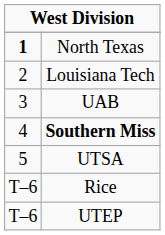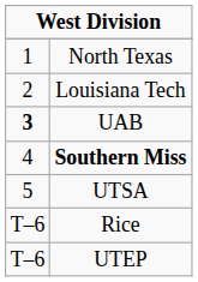 <table class="wikitable">
 <tr align="center">
 <td align="center" Colspan="2"><strong>West Division</strong></td>
 </tr>
 <tr align="center">
 </tr>
 <tr align="center">
-<td><strong>1</strong></td>
+<td>1</td>
 <td>North Texas</td>
 </tr>
 <tr align="center">
 <td>2</td>
 <td>Louisiana Tech</td>
 </tr>
 <tr align="center">
-<td>3</td>
+<td><strong>3</strong></td>
 <td>UAB</td>
 </tr>
 <tr align="center">
 <td>4</td>
 <td><strong>Southern Miss</strong></td>
 </tr>
 <tr align="center">
 <td>5</td>
 <td>UTSA</td>
 </tr>
 <tr align="center">
 <td>T–6</td>
 <td>Rice</td>
 </tr>
 <tr align="center">
 <td>T–6</td>
 <td>UTEP</td>
 </tr>
 </table>
